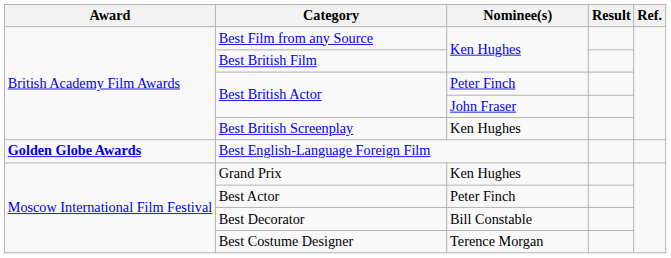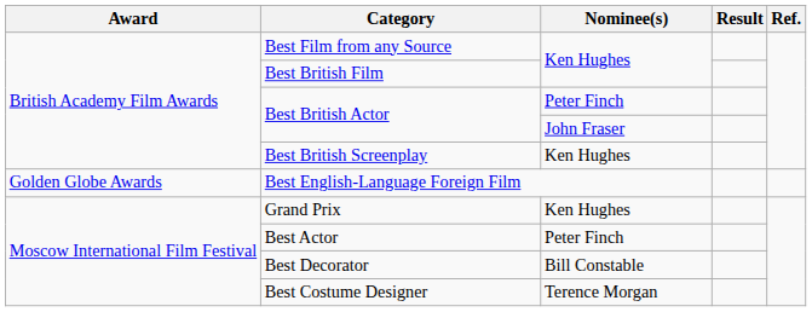 <table class="wikitable plainrowheaders">
 <tr>
 <th>Award</th>
 <th scope="col" style="width:35%;">Category</th>
 <th>Nominee(s)</th>
 <th>Result</th>
 <th>Ref.</th>
 </tr>
 <tr>
 <td rowspan="5"><a href='#'>British Academy Film Awards</a></td>
 <td><a href='#'>Best Film from any Source</a></td>
 <td rowspan="2"><a href='#'>Ken Hughes</a></td>
 <td></td>
 <td rowspan="5" align="center"></td>
 </tr>
 <tr>
 <td><a href='#'>Best British Film</a></td>
 <td></td>
 </tr>
 <tr>
 <td rowspan="2"><a href='#'>Best British Actor</a></td>
 <td><a href='#'>Peter Finch</a></td>
 <td></td>
 </tr>
 <tr>
 <td><a href='#'>John Fraser</a></td>
 <td></td>
 </tr>
 <tr>
 <td><a href='#'>Best British Screenplay</a></td>
 <td>Ken Hughes</td>
 <td></td>
 </tr>
 <tr>
-<td><strong><a href='#'>Golden Globe Awards</a></strong></td>
+<td><a href='#'>Golden Globe Awards</a></td>
 <td colspan="2"><a href='#'>Best English-Language Foreign Film</a></td>
 <td></td>
 <td align="center"></td>
 </tr>
 <tr>
 <td rowspan="4"><a href='#'>Moscow International Film Festival</a></td>
 <td>Grand Prix</td>
 <td>Ken Hughes</td>
 <td></td>
 <td rowspan="4" align="center"></td>
 </tr>
 <tr>
 <td>Best Actor</td>
 <td>Peter Finch</td>
 <td></td>
 </tr>
 <tr>
 <td>Best Decorator</td>
 <td>Bill Constable</td>
 <td></td>
 </tr>
 <tr>
 <td>Best Costume Designer</td>
 <td>Terence Morgan</td>
 <td></td>
 </tr>
 </table>
